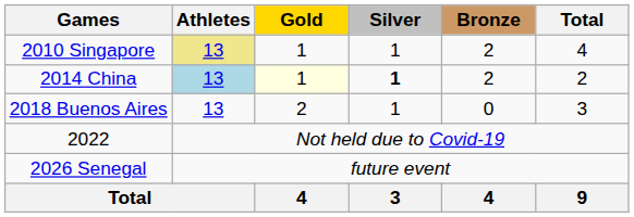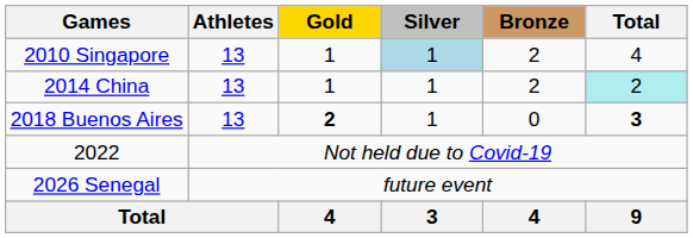 <table class="wikitable" style="text-align:center; font-size:90%;">
 <tr>
 <th>Games</th>
 <th>Athletes</th>
 <td style="background:gold; width:4.5em; font-weight:bold;">Gold</td>
 <td style="background:silver; width:4.5em; font-weight:bold;">Silver</td>
 <td style="background:#cc9966; width:4.5em; font-weight:bold;">Bronze</td>
 <th style="width:4.5em; font-weight:bold;">Total</th>
 </tr>
 <tr>
 <td><a href='#'>2010 Singapore</a></td>
-<td style="background: khaki;"><a href='#'>13</a></td>
+<td><a href='#'>13</a></td>
 <td>1</td>
-<td>1</td>
+<td style="background: lightblue;">1</td>
 <td>2</td>
 <td>4</td>
 </tr>
 <tr>
 <td><a href='#'>2014 China</a></td>
-<td style="background: lightblue;"><a href='#'>13</a></td>
-<td style="background: lightyellow;">1</td>
-<td><strong>1</strong></td>
+<td><a href='#'>13</a></td>
+<td>1</td>
+<td>1</td>
 <td>2</td>
-<td>2</td>
+<td style="background: paleturquoise;">2</td>
 </tr>
 <tr>
 <td><a href='#'>2018 Buenos Aires</a></td>
 <td><a href='#'>13</a></td>
-<td>2</td>
+<td><strong>2</strong></td>
 <td>1</td>
 <td>0</td>
-<td>3</td>
+<td><strong>3</strong></td>
 </tr>
 <tr>
 <td>2022</td>
 <td colspan="5"><em>Not held due to <a href='#'>Covid-19</a></em></td>
 </tr>
 <tr>
 <td><a href='#'>2026 Senegal</a></td>
 <td colspan="5"><em>future event</em></td>
 </tr>
 <tr |>
 <th colspan="2">Total</th>
 <th>4</th>
 <th>3</th>
 <th>4</th>
 <th>9</th>
 </tr>
 </table>
